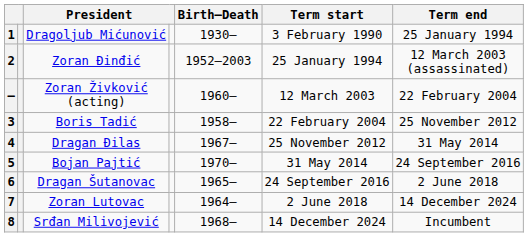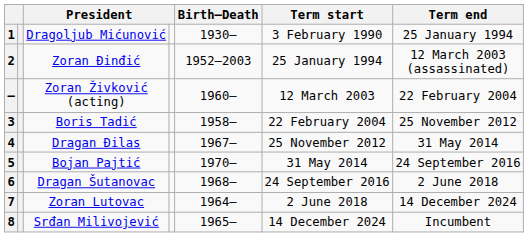 <table class="wikitable" style="text-align:center">
 <tr>
 <th colspan="2"></th>
 <th colspan="2">President</th>
 <th>Birth–Death</th>
 <th>Term start</th>
 <th>Term end</th>
 </tr>
 <tr>
 <th>1</th>
 <th style="background:"></th>
 <td><a href='#'>Dragoljub Mićunović</a></td>
 <td></td>
 <td>1930–</td>
 <td>3 February 1990</td>
 <td>25 January 1994</td>
 </tr>
 <tr>
 <th>2</th>
 <th style="background:"></th>
 <td><a href='#'>Zoran Đinđić</a></td>
 <td></td>
 <td>1952–2003</td>
 <td>25 January 1994</td>
 <td>12 March 2003<br>(assassinated)</td>
 </tr>
 <tr>
 <th>–</th>
 <th style="background:"></th>
 <td><a href='#'>Zoran Živković</a><br>(acting)</td>
 <td></td>
 <td>1960–</td>
 <td>12 March 2003</td>
 <td>22 February 2004</td>
 </tr>
 <tr>
 <th>3</th>
 <th style="background:"></th>
 <td><a href='#'>Boris Tadić</a></td>
 <td></td>
 <td>1958–</td>
 <td>22 February 2004</td>
 <td>25 November 2012</td>
 </tr>
 <tr>
 <th>4</th>
 <th style="background:"></th>
 <td><a href='#'>Dragan Đilas</a></td>
 <td></td>
 <td>1967–</td>
 <td>25 November 2012</td>
 <td>31 May 2014</td>
 </tr>
 <tr>
 <th>5</th>
 <th style="background:"></th>
 <td><a href='#'>Bojan Pajtić</a></td>
 <td></td>
 <td>1970–</td>
 <td>31 May 2014</td>
 <td>24 September 2016</td>
 </tr>
 <tr>
 <th>6</th>
 <th style="background:"></th>
 <td><a href='#'>Dragan Šutanovac</a></td>
 <td></td>
-<td>1965–</td>
+<td>1968–</td>
 <td>24 September 2016</td>
 <td>2 June 2018</td>
 </tr>
 <tr>
 <th>7</th>
 <th style="background:"></th>
 <td><a href='#'>Zoran Lutovac</a></td>
 <td></td>
 <td>1964–</td>
 <td>2 June 2018</td>
 <td>14 December 2024</td>
 </tr>
 <tr>
 <th>8</th>
 <th style="background:"></th>
 <td><a href='#'>Srđan Milivojević</a></td>
 <td></td>
-<td>1968–</td>
+<td>1965–</td>
 <td>14 December 2024</td>
 <td>Incumbent</td>
 </tr>
 </table>
